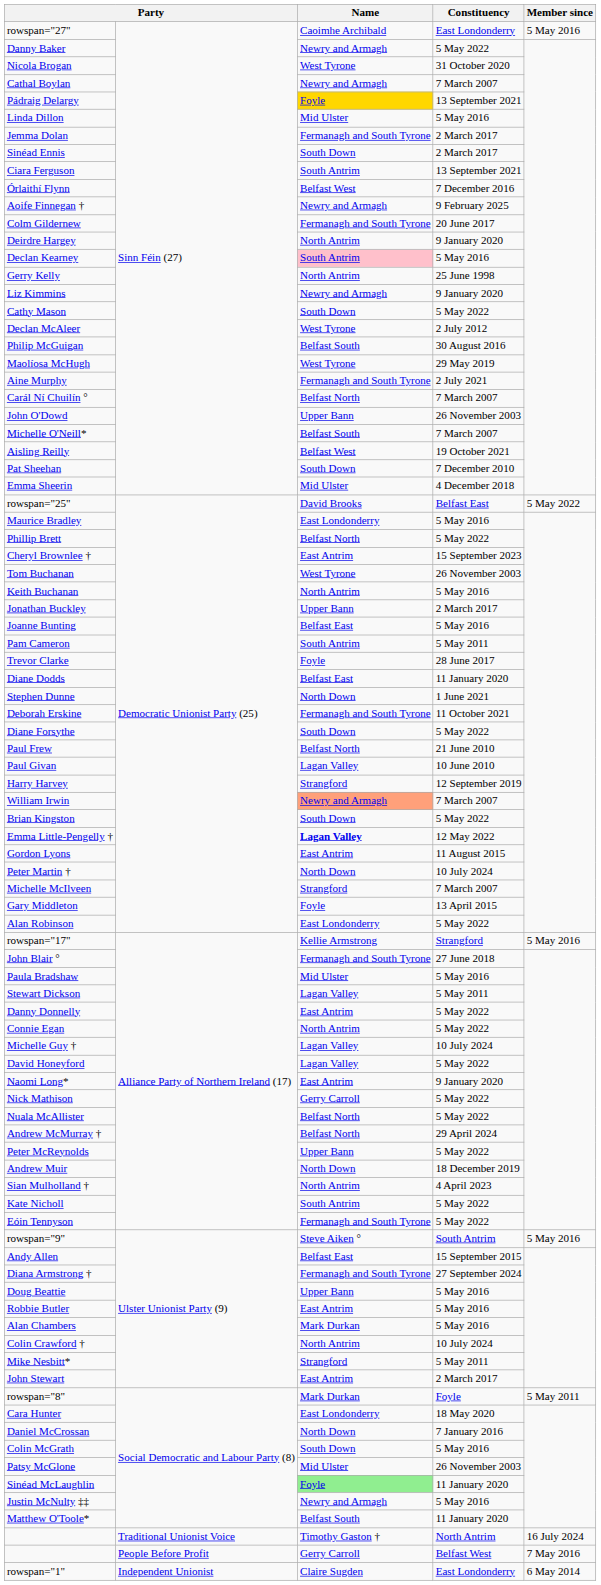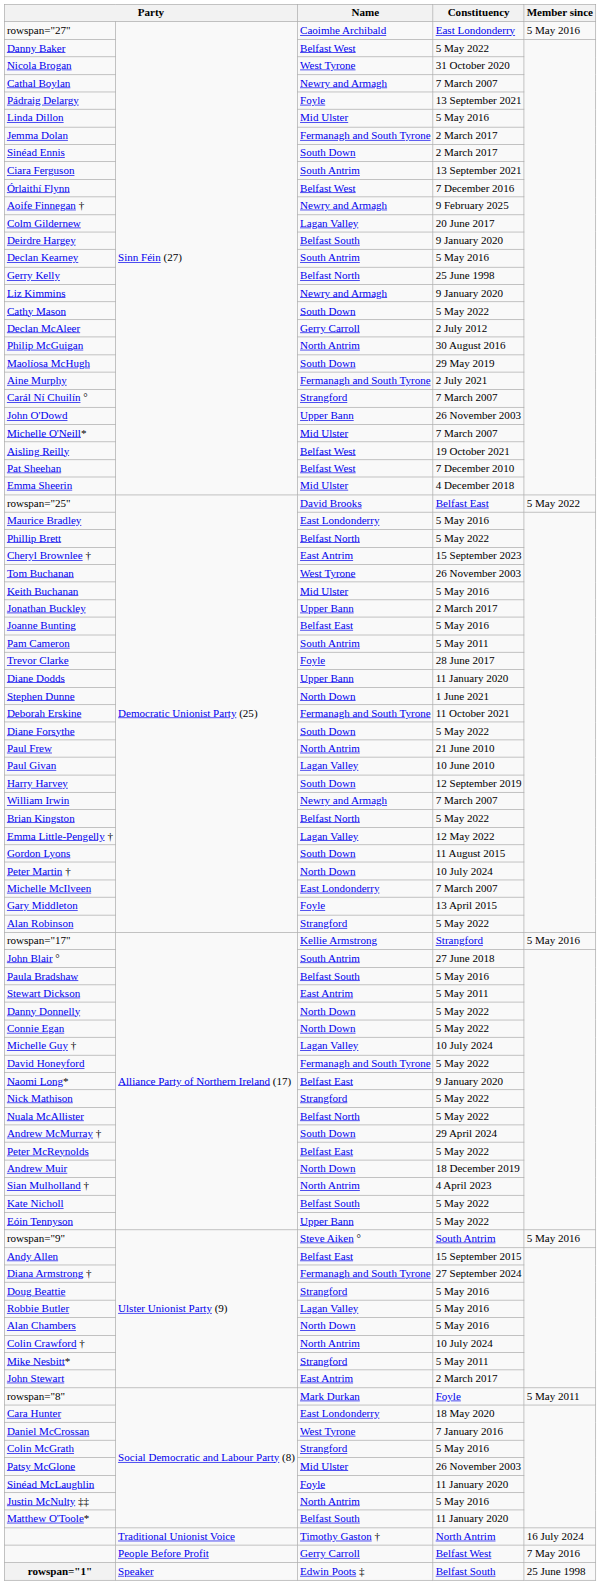 <table class="wikitable sortable">
 <tr>
 <th colspan="2">Party</th>
 <th>Name</th>
 <th>Constituency</th>
 <th>Member since</th>
 </tr>
 <tr>
 <td>rowspan="27" </td>
 <td rowspan="27"><a href='#'>Sinn Féin</a> (27)</td>
 <td><a href='#'>Caoimhe Archibald</a></td>
 <td><a href='#'>East Londonderry</a></td>
 <td>5 May 2016</td>
 </tr>
 <tr>
 <td><a href='#'>Danny Baker</a></td>
-<td><a href='#'>Newry and Armagh</a></td>
+<td><a href='#'>Belfast West</a></td>
 <td>5 May 2022</td>
 </tr>
 <tr>
 <td><a href='#'>Nicola Brogan</a></td>
 <td><a href='#'>West Tyrone</a></td>
 <td>31 October 2020</td>
 </tr>
 <tr>
 <td><a href='#'>Cathal Boylan</a></td>
 <td><a href='#'>Newry and Armagh</a></td>
 <td>7 March 2007</td>
 </tr>
 <tr>
 <td><a href='#'>Pádraig Delargy</a></td>
-<td style="background: gold;"><a href='#'>Foyle</a></td>
+<td><a href='#'>Foyle</a></td>
 <td>13 September 2021</td>
 </tr>
 <tr>
 <td><a href='#'>Linda Dillon</a></td>
 <td><a href='#'>Mid Ulster</a></td>
 <td>5 May 2016</td>
 </tr>
 <tr>
 <td><a href='#'>Jemma Dolan</a></td>
 <td><a href='#'>Fermanagh and South Tyrone</a></td>
 <td>2 March 2017</td>
 </tr>
 <tr>
 <td><a href='#'>Sinéad Ennis</a></td>
 <td><a href='#'>South Down</a></td>
 <td>2 March 2017</td>
 </tr>
 <tr>
 <td><a href='#'>Ciara Ferguson</a></td>
 <td><a href='#'>South Antrim</a></td>
 <td>13 September 2021</td>
 </tr>
 <tr>
 <td><a href='#'>Órlaithí Flynn</a></td>
 <td><a href='#'>Belfast West</a></td>
 <td>7 December 2016</td>
 </tr>
 <tr>
 <td><a href='#'>Aoife Finnegan</a> †</td>
 <td><a href='#'>Newry and Armagh</a></td>
 <td>9 February 2025</td>
 </tr>
 <tr>
 <td><a href='#'>Colm Gildernew</a></td>
-<td><a href='#'>Fermanagh and South Tyrone</a></td>
+<td><a href='#'>Lagan Valley</a></td>
 <td>20 June 2017</td>
 </tr>
 <tr>
 <td><a href='#'>Deirdre Hargey</a></td>
-<td><a href='#'>North Antrim</a></td>
+<td><a href='#'>Belfast South</a></td>
 <td>9 January 2020</td>
 </tr>
 <tr>
 <td><a href='#'>Declan Kearney</a></td>
-<td style="background: pink;"><a href='#'>South Antrim</a></td>
+<td><a href='#'>South Antrim</a></td>
 <td>5 May 2016</td>
 </tr>
 <tr>
 <td><a href='#'>Gerry Kelly</a></td>
-<td><a href='#'>North Antrim</a></td>
+<td><a href='#'>Belfast North</a></td>
 <td>25 June 1998</td>
 </tr>
 <tr>
 <td><a href='#'>Liz Kimmins</a></td>
 <td><a href='#'>Newry and Armagh</a></td>
 <td>9 January 2020</td>
 </tr>
 <tr>
 <td><a href='#'>Cathy Mason</a></td>
 <td><a href='#'>South Down</a></td>
 <td>5 May 2022</td>
 </tr>
 <tr>
 <td><a href='#'>Declan McAleer</a></td>
-<td><a href='#'>West Tyrone</a></td>
+<td><a href='#'>Gerry Carroll</a></td>
 <td>2 July 2012</td>
 </tr>
 <tr>
 <td><a href='#'>Philip McGuigan</a></td>
-<td><a href='#'>Belfast South</a></td>
+<td><a href='#'>North Antrim</a></td>
 <td>30 August 2016</td>
 </tr>
 <tr>
 <td><a href='#'>Maolíosa McHugh</a></td>
-<td><a href='#'>West Tyrone</a></td>
+<td><a href='#'>South Down</a></td>
 <td>29 May 2019</td>
 </tr>
 <tr>
 <td><a href='#'>Aine Murphy</a></td>
 <td><a href='#'>Fermanagh and South Tyrone</a></td>
 <td>2 July 2021</td>
 </tr>
 <tr>
 <td><a href='#'>Carál Ní Chuilín</a> °</td>
-<td><a href='#'>Belfast North</a></td>
+<td><a href='#'>Strangford</a></td>
 <td>7 March 2007</td>
 </tr>
 <tr>
 <td><a href='#'>John O'Dowd</a></td>
 <td><a href='#'>Upper Bann</a></td>
 <td>26 November 2003</td>
 </tr>
 <tr>
 <td><a href='#'>Michelle O'Neill</a>*</td>
-<td><a href='#'>Belfast South</a></td>
+<td><a href='#'>Mid Ulster</a></td>
 <td>7 March 2007</td>
 </tr>
 <tr>
 <td><a href='#'>Aisling Reilly</a></td>
 <td><a href='#'>Belfast West</a></td>
 <td>19 October 2021</td>
 </tr>
 <tr>
 <td><a href='#'>Pat Sheehan</a></td>
-<td><a href='#'>South Down</a></td>
+<td><a href='#'>Belfast West</a></td>
 <td>7 December 2010</td>
 </tr>
 <tr>
 <td><a href='#'>Emma Sheerin</a></td>
 <td><a href='#'>Mid Ulster</a></td>
 <td>4 December 2018</td>
 </tr>
 <tr>
 <td>rowspan="25" </td>
 <td rowspan="25"><a href='#'>Democratic Unionist Party</a> (25)</td>
 <td><a href='#'>David Brooks</a></td>
 <td><a href='#'>Belfast East</a></td>
 <td>5 May 2022</td>
 </tr>
 <tr>
 <td><a href='#'>Maurice Bradley</a></td>
 <td><a href='#'>East Londonderry</a></td>
 <td>5 May 2016</td>
 </tr>
 <tr>
 <td><a href='#'>Phillip Brett</a></td>
 <td><a href='#'>Belfast North</a></td>
 <td>5 May 2022</td>
 </tr>
 <tr>
 <td><a href='#'>Cheryl Brownlee</a> †</td>
 <td><a href='#'>East Antrim</a></td>
 <td>15 September 2023</td>
 </tr>
 <tr>
 <td><a href='#'>Tom Buchanan</a></td>
 <td><a href='#'>West Tyrone</a></td>
 <td>26 November 2003</td>
 </tr>
 <tr>
 <td><a href='#'>Keith Buchanan</a></td>
-<td><a href='#'>North Antrim</a></td>
+<td><a href='#'>Mid Ulster</a></td>
 <td>5 May 2016</td>
 </tr>
 <tr>
 <td><a href='#'>Jonathan Buckley</a></td>
 <td><a href='#'>Upper Bann</a></td>
 <td>2 March 2017</td>
 </tr>
 <tr>
 <td><a href='#'>Joanne Bunting</a></td>
 <td><a href='#'>Belfast East</a></td>
 <td>5 May 2016</td>
 </tr>
 <tr>
 <td><a href='#'>Pam Cameron</a></td>
 <td><a href='#'>South Antrim</a></td>
 <td>5 May 2011</td>
 </tr>
 <tr>
 <td><a href='#'>Trevor Clarke</a></td>
 <td><a href='#'>Foyle</a></td>
 <td>28 June 2017</td>
 </tr>
 <tr>
 <td><a href='#'>Diane Dodds</a></td>
-<td><a href='#'>Belfast East</a></td>
+<td><a href='#'>Upper Bann</a></td>
 <td>11 January 2020</td>
 </tr>
 <tr>
 <td><a href='#'>Stephen Dunne</a></td>
 <td><a href='#'>North Down</a></td>
 <td>1 June 2021</td>
 </tr>
 <tr>
 <td><a href='#'>Deborah Erskine</a></td>
 <td><a href='#'>Fermanagh and South Tyrone</a></td>
 <td>11 October 2021</td>
 </tr>
 <tr>
 <td><a href='#'>Diane Forsythe</a></td>
 <td><a href='#'>South Down</a></td>
 <td>5 May 2022</td>
 </tr>
 <tr>
 <td><a href='#'>Paul Frew</a></td>
-<td><a href='#'>Belfast North</a></td>
+<td><a href='#'>North Antrim</a></td>
 <td>21 June 2010</td>
 </tr>
 <tr>
 <td><a href='#'>Paul Givan</a></td>
 <td><a href='#'>Lagan Valley</a></td>
 <td>10 June 2010</td>
 </tr>
 <tr>
 <td><a href='#'>Harry Harvey</a></td>
-<td><a href='#'>Strangford</a></td>
+<td><a href='#'>South Down</a></td>
 <td>12 September 2019</td>
 </tr>
 <tr>
 <td><a href='#'>William Irwin</a></td>
-<td style="background: lightsalmon;"><a href='#'>Newry and Armagh</a></td>
+<td><a href='#'>Newry and Armagh</a></td>
 <td>7 March 2007</td>
 </tr>
 <tr>
 <td><a href='#'>Brian Kingston</a></td>
-<td><a href='#'>South Down</a></td>
+<td><a href='#'>Belfast North</a></td>
 <td>5 May 2022</td>
 </tr>
 <tr>
 <td><a href='#'>Emma Little-Pengelly</a> †</td>
-<td><strong><a href='#'>Lagan Valley</a></strong></td>
+<td><a href='#'>Lagan Valley</a></td>
 <td>12 May 2022</td>
 </tr>
 <tr>
 <td><a href='#'>Gordon Lyons</a></td>
-<td><a href='#'>East Antrim</a></td>
+<td><a href='#'>South Down</a></td>
 <td>11 August 2015</td>
 </tr>
 <tr>
 <td><a href='#'>Peter Martin</a> †</td>
 <td><a href='#'>North Down</a></td>
 <td>10 July 2024</td>
 </tr>
 <tr>
 <td><a href='#'>Michelle McIlveen</a></td>
-<td><a href='#'>Strangford</a></td>
+<td><a href='#'>East Londonderry</a></td>
 <td>7 March 2007</td>
 </tr>
 <tr>
 <td><a href='#'>Gary Middleton</a></td>
 <td><a href='#'>Foyle</a></td>
 <td>13 April 2015</td>
 </tr>
 <tr>
 <td><a href='#'>Alan Robinson</a></td>
-<td><a href='#'>East Londonderry</a></td>
+<td><a href='#'>Strangford</a></td>
 <td>5 May 2022</td>
 </tr>
 <tr>
 <td>rowspan="17" </td>
 <td rowspan="17"><a href='#'>Alliance Party of Northern Ireland</a> (17)</td>
 <td><a href='#'>Kellie Armstrong</a></td>
 <td><a href='#'>Strangford</a></td>
 <td>5 May 2016</td>
 </tr>
 <tr>
 <td><a href='#'>John Blair</a> °</td>
-<td><a href='#'>Fermanagh and South Tyrone</a></td>
+<td><a href='#'>South Antrim</a></td>
 <td>27 June 2018</td>
 </tr>
 <tr>
 <td><a href='#'>Paula Bradshaw</a></td>
-<td><a href='#'>Mid Ulster</a></td>
+<td><a href='#'>Belfast South</a></td>
 <td>5 May 2016</td>
 </tr>
 <tr>
 <td><a href='#'>Stewart Dickson</a></td>
-<td><a href='#'>Lagan Valley</a></td>
+<td><a href='#'>East Antrim</a></td>
 <td>5 May 2011</td>
 </tr>
 <tr>
 <td><a href='#'>Danny Donnelly</a></td>
-<td><a href='#'>East Antrim</a></td>
+<td><a href='#'>North Down</a></td>
 <td>5 May 2022</td>
 </tr>
 <tr>
 <td><a href='#'>Connie Egan</a></td>
-<td><a href='#'>North Antrim</a></td>
+<td><a href='#'>North Down</a></td>
 <td>5 May 2022</td>
 </tr>
 <tr>
 <td><a href='#'>Michelle Guy</a> †</td>
 <td><a href='#'>Lagan Valley</a></td>
 <td>10 July 2024</td>
 </tr>
 <tr>
 <td><a href='#'>David Honeyford</a></td>
-<td><a href='#'>Lagan Valley</a></td>
+<td><a href='#'>Fermanagh and South Tyrone</a></td>
 <td>5 May 2022</td>
 </tr>
 <tr>
 <td><a href='#'>Naomi Long</a>*</td>
-<td><a href='#'>East Antrim</a></td>
+<td><a href='#'>Belfast East</a></td>
 <td>9 January 2020</td>
 </tr>
 <tr>
 <td><a href='#'>Nick Mathison</a></td>
-<td><a href='#'>Gerry Carroll</a></td>
+<td><a href='#'>Strangford</a></td>
 <td>5 May 2022</td>
 </tr>
 <tr>
 <td><a href='#'>Nuala McAllister</a></td>
 <td><a href='#'>Belfast North</a></td>
 <td>5 May 2022</td>
 </tr>
 <tr>
 <td><a href='#'>Andrew McMurray</a> †</td>
-<td><a href='#'>Belfast North</a></td>
+<td><a href='#'>South Down</a></td>
 <td>29 April 2024</td>
 </tr>
 <tr>
 <td><a href='#'>Peter McReynolds</a></td>
-<td><a href='#'>Upper Bann</a></td>
+<td><a href='#'>Belfast East</a></td>
 <td>5 May 2022</td>
 </tr>
 <tr>
 <td><a href='#'>Andrew Muir</a></td>
 <td><a href='#'>North Down</a></td>
 <td>18 December 2019</td>
 </tr>
 <tr>
 <td><a href='#'>Sian Mulholland</a> †</td>
 <td><a href='#'>North Antrim</a></td>
 <td>4 April 2023</td>
 </tr>
 <tr>
 <td><a href='#'>Kate Nicholl</a></td>
-<td><a href='#'>South Antrim</a></td>
+<td><a href='#'>Belfast South</a></td>
 <td>5 May 2022</td>
 </tr>
 <tr>
 <td><a href='#'>Eóin Tennyson</a></td>
-<td><a href='#'>Fermanagh and South Tyrone</a></td>
+<td><a href='#'>Upper Bann</a></td>
 <td>5 May 2022</td>
 </tr>
 <tr>
 <td>rowspan="9" </td>
 <td rowspan="9"><a href='#'>Ulster Unionist Party</a> (9)</td>
 <td><a href='#'>Steve Aiken</a> °</td>
 <td><a href='#'>South Antrim</a></td>
 <td>5 May 2016</td>
 </tr>
 <tr>
 <td><a href='#'>Andy Allen</a></td>
 <td><a href='#'>Belfast East</a></td>
 <td>15 September 2015</td>
 </tr>
 <tr>
 <td><a href='#'>Diana Armstrong</a> †</td>
 <td><a href='#'>Fermanagh and South Tyrone</a></td>
 <td>27 September 2024</td>
 </tr>
 <tr>
 <td><a href='#'>Doug Beattie</a></td>
-<td><a href='#'>Upper Bann</a></td>
+<td><a href='#'>Strangford</a></td>
 <td>5 May 2016</td>
 </tr>
 <tr>
 <td><a href='#'>Robbie Butler</a></td>
-<td><a href='#'>East Antrim</a></td>
+<td><a href='#'>Lagan Valley</a></td>
 <td>5 May 2016</td>
 </tr>
 <tr>
 <td><a href='#'>Alan Chambers</a></td>
-<td><a href='#'>Mark Durkan</a></td>
+<td><a href='#'>North Down</a></td>
 <td>5 May 2016</td>
 </tr>
 <tr>
 <td><a href='#'>Colin Crawford</a> †</td>
 <td><a href='#'>North Antrim</a></td>
 <td>10 July 2024</td>
 </tr>
 <tr>
 <td><a href='#'>Mike Nesbitt</a>*</td>
 <td><a href='#'>Strangford</a></td>
 <td>5 May 2011</td>
 </tr>
 <tr>
 <td><a href='#'>John Stewart</a></td>
 <td><a href='#'>East Antrim</a></td>
 <td>2 March 2017</td>
 </tr>
 <tr>
 <td>rowspan="8" </td>
 <td rowspan="8"><a href='#'>Social Democratic and Labour Party</a> (8)</td>
 <td><a href='#'>Mark Durkan</a></td>
 <td><a href='#'>Foyle</a></td>
 <td>5 May 2011</td>
 </tr>
 <tr>
 <td><a href='#'>Cara Hunter</a></td>
 <td><a href='#'>East Londonderry</a></td>
 <td>18 May 2020</td>
 </tr>
 <tr>
 <td><a href='#'>Daniel McCrossan</a></td>
-<td><a href='#'>North Down</a></td>
+<td><a href='#'>West Tyrone</a></td>
 <td>7 January 2016</td>
 </tr>
 <tr>
 <td><a href='#'>Colin McGrath</a></td>
-<td><a href='#'>South Down</a></td>
+<td><a href='#'>Strangford</a></td>
 <td>5 May 2016</td>
 </tr>
 <tr>
 <td><a href='#'>Patsy McGlone</a></td>
 <td><a href='#'>Mid Ulster</a></td>
 <td>26 November 2003</td>
 </tr>
 <tr>
 <td><a href='#'>Sinéad McLaughlin</a></td>
-<td style="background: lightgreen;"><a href='#'>Foyle</a></td>
+<td><a href='#'>Foyle</a></td>
 <td>11 January 2020</td>
 </tr>
 <tr>
 <td><a href='#'>Justin McNulty</a> ‡‡</td>
-<td><a href='#'>Newry and Armagh</a></td>
+<td><a href='#'>North Antrim</a></td>
 <td>5 May 2016</td>
 </tr>
 <tr>
 <td><a href='#'>Matthew O'Toole</a>*</td>
 <td><a href='#'>Belfast South</a></td>
 <td>11 January 2020</td>
 </tr>
 <tr>
 <td></td>
 <td><a href='#'>Traditional Unionist Voice</a></td>
 <td><a href='#'>Timothy Gaston</a> †</td>
 <td><a href='#'>North Antrim</a></td>
 <td>16 July 2024</td>
 </tr>
 <tr>
 <td></td>
 <td><a href='#'>People Before Profit</a></td>
 <td><a href='#'>Gerry Carroll</a></td>
 <td><a href='#'>Belfast West</a></td>
 <td>7 May 2016</td>
 </tr>
 <tr>
-<td>rowspan="1" </td>
-<td rowspan="1"><a href='#'>Independent Unionist</a></td>
-<td><a href='#'>Claire Sugden</a></td>
-<td><a href='#'>East Londonderry</a></td>
-<td>6 May 2014</td>
+<th>rowspan="1" </th>
+<td rowspan="1"><a href='#'>Speaker</a></td>
+<td><a href='#'>Edwin Poots</a> ‡</td>
+<td><a href='#'>Belfast South</a></td>
+<td>25 June 1998</td>
 </tr>
 </table>
